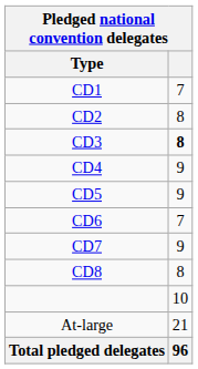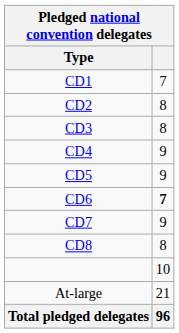 <table class="wikitable sortable" style="font-size:90%;text-align:center;float:right;padding:5px;">
 <tr>
 <th colspan="2">Pledged <a href='#'>national<br>convention</a> delegates</th>
 </tr>
 <tr>
 <th>Type</th>
 <th></th>
 </tr>
 <tr>
 <td><a href='#'>CD1</a></td>
 <td>7</td>
 </tr>
 <tr>
 <td><a href='#'>CD2</a></td>
 <td>8</td>
 </tr>
 <tr>
 <td><a href='#'>CD3</a></td>
-<td><strong>8</strong></td>
+<td>8</td>
 </tr>
 <tr>
 <td><a href='#'>CD4</a></td>
 <td>9</td>
 </tr>
 <tr>
 <td><a href='#'>CD5</a></td>
 <td>9</td>
 </tr>
 <tr>
 <td><a href='#'>CD6</a></td>
-<td>7</td>
+<td><strong>7</strong></td>
 </tr>
 <tr>
 <td><a href='#'>CD7</a></td>
 <td>9</td>
 </tr>
 <tr>
 <td><a href='#'>CD8</a></td>
 <td>8</td>
 </tr>
 <tr>
 <td></td>
 <td>10</td>
 </tr>
 <tr>
 <td>At-large</td>
 <td>21</td>
 </tr>
 <tr>
 <th>Total pledged delegates</th>
 <th>96</th>
 </tr>
 </table>
